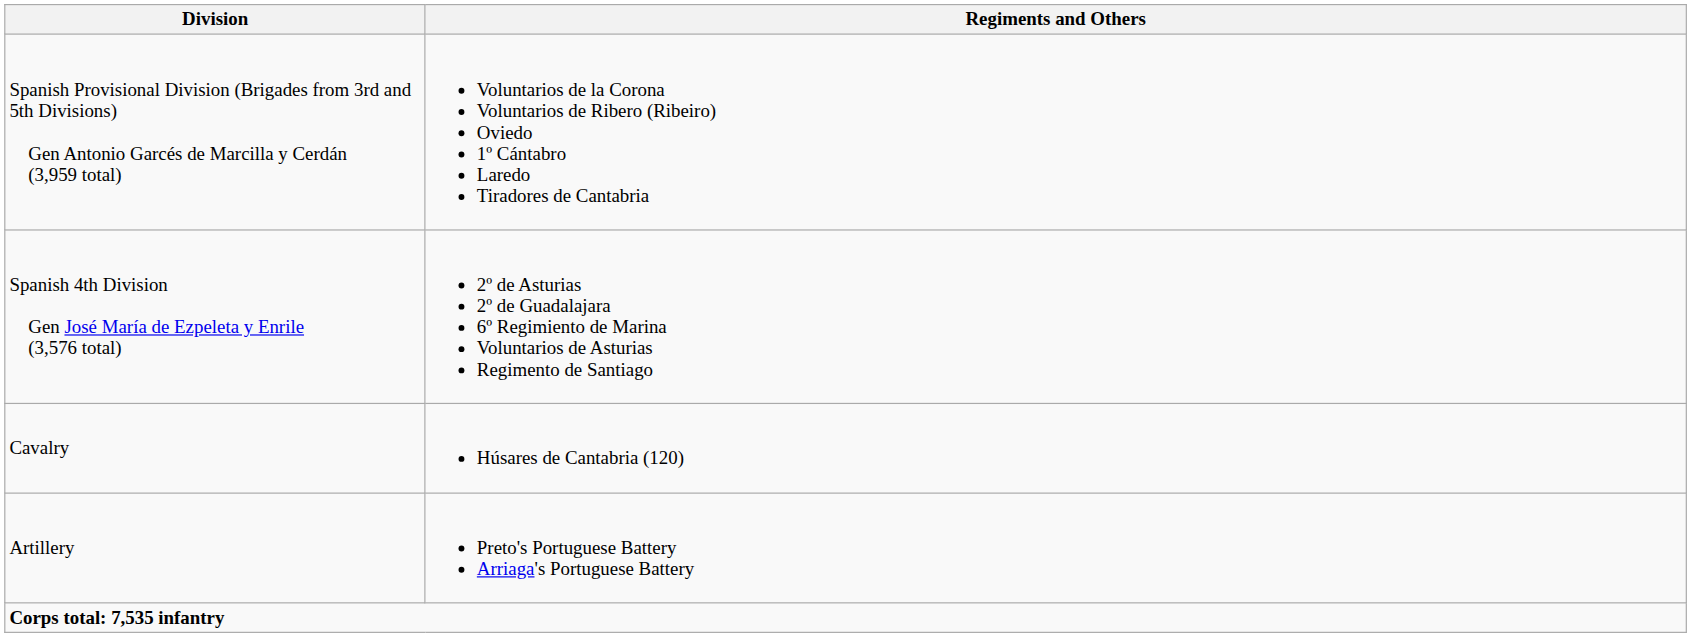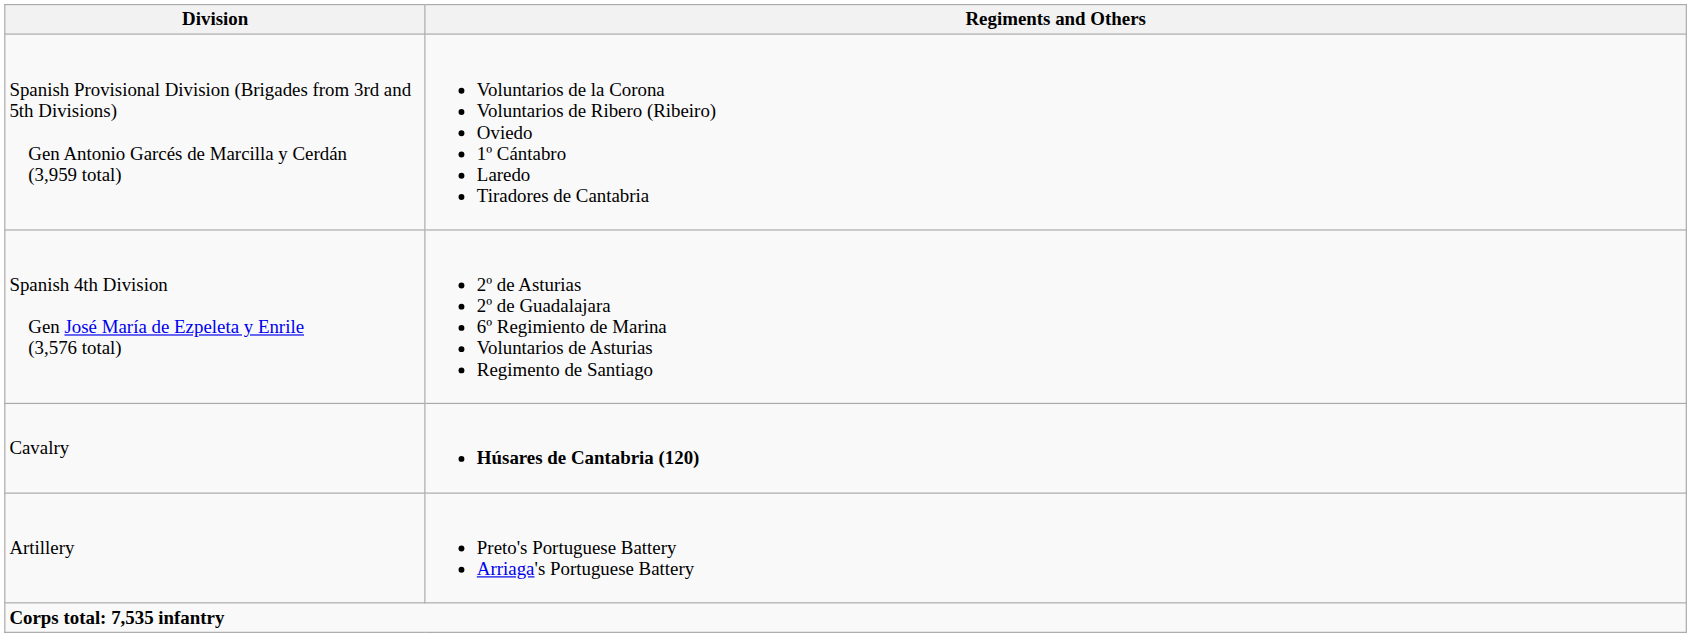 <table class="wikitable" width="90%" style="margin: 1em auto 1em auto">
 <tr>
 <th style="width:25%;">Division</th>
 <th>Regiments and Others</th>
 </tr>
 <tr>
 <td>Spanish Provisional Division (Brigades from 3rd and 5th Divisions)<br><br>    Gen Antonio Garcés de Marcilla y Cerdán <br>    (3,959 total)</td>
 <td><br><ul><li>Voluntarios de la Corona</li><li>Voluntarios de Ribero (Ribeiro)</li><li>Oviedo</li><li>1º Cántabro</li><li>Laredo</li><li>Tiradores de Cantabria</li></ul></td>
 </tr>
 <tr>
 <td>Spanish 4th Division<br><br>    Gen <a href='#'>José María de Ezpeleta y Enrile</a> <br>    (3,576 total)</td>
 <td><br><ul><li>2º de Asturias</li><li>2º de Guadalajara</li><li>6º Regimiento de Marina</li><li>Voluntarios de Asturias</li><li>Regimento de Santiago</li></ul></td>
 </tr>
 <tr>
 <td>Cavalry</td>
-<td><br><ul><li>Húsares de Cantabria (120)</li></ul></td>
+<td><strong><br><ul><li>Húsares de Cantabria (120)</li></ul></strong></td>
 </tr>
 <tr>
 <td>Artillery</td>
 <td><br><ul><li>Preto's Portuguese Battery</li><li><a href='#'>Arriaga</a>'s Portuguese Battery</li></ul></td>
 </tr>
 <tr>
 <td colspan=3><strong>Corps total: 7,535 infantry</strong></td>
 </tr>
 </table>
